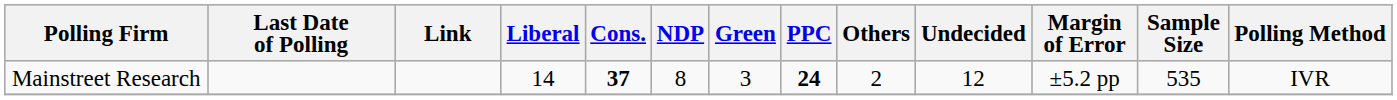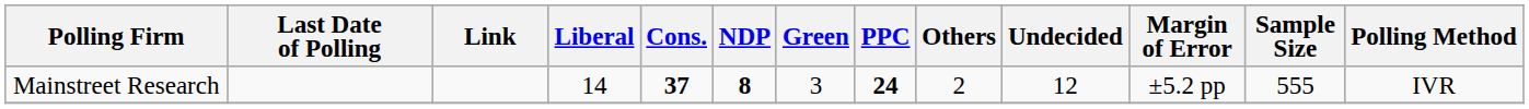 <table class="wikitable sortable" style="text-align:center;font-size:90%;line-height:14px;">
 <tr style="background:#e9e9e9;">
 <th style="width:120px">Polling Firm</th>
 <th style="width:110px">Last Date<br>of Polling</th>
 <th style="width:60px" class="unsortable">Link</th>
 <th style="background-color:"><a href='#'>Liberal</a></th>
 <th style="background-color:"><a href='#'>Cons.</a></th>
 <th style="background-color:"><a href='#'>NDP</a></th>
 <th style="background-color:"><a href='#'>Green</a></th>
 <th style="background-color:"><a href='#'><span>PPC</span></a></th>
 <th style="background-color:">Others</th>
 <th style="background-color:">Undecided</th>
 <th style="width:60px;" class=unsortable>Margin<br>of Error</th>
 <th style="width:50px;" class=unsortable>Sample<br>Size</th>
 <th class=unsortable>Polling Method</th>
 </tr>
 <tr>
 <td>Mainstreet Research</td>
 <td></td>
 <td></td>
 <td>14</td>
 <td><strong>37</strong></td>
-<td>8</td>
+<td><strong>8</strong></td>
 <td>3</td>
 <td><strong>24</strong></td>
 <td>2</td>
 <td>12</td>
 <td>±5.2 pp</td>
-<td>535</td>
+<td>555</td>
 <td>IVR</td>
 </tr>
 <tr>
 </tr>
 </table>
